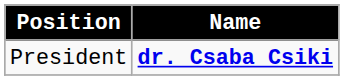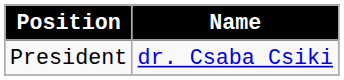 <table class="wikitable">
 <tr>
 <th style="color:#FFFFFF; background:#000000">Position</th>
 <th style="color:#FFFFFF; background:#000000">Name</th>
 </tr>
 <tr>
 <td>President</td>
-<td><strong> <a href='#'>dr. Csaba Csiki</a></strong></td>
+<td> <a href='#'>dr. Csaba Csiki</a></td>
 </tr>
 </table>
